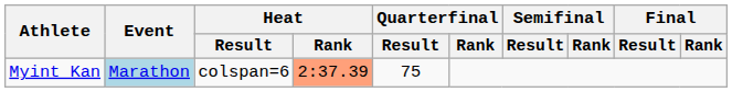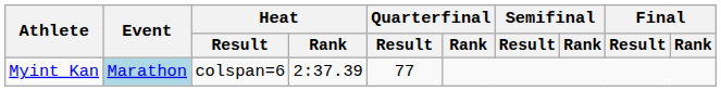 <table class="wikitable" style="font-size:90%">
 <tr>
 <th rowspan="2">Athlete</th>
 <th rowspan="2">Event</th>
 <th colspan="2">Heat</th>
 <th colspan="2">Quarterfinal</th>
 <th colspan="2">Semifinal</th>
 <th colspan="2">Final</th>
 </tr>
 <tr style="font-size:95%">
 <th>Result</th>
 <th>Rank</th>
 <th>Result</th>
 <th>Rank</th>
 <th>Result</th>
 <th>Rank</th>
 <th>Result</th>
 <th>Rank</th>
 </tr>
 <tr align=center>
 <td align=left><a href='#'>Myint Kan</a></td>
 <td align=left style="background: lightblue;"><a href='#'>Marathon</a></td>
 <td>colspan=6 </td>
-<td style="background: lightsalmon;">2:37.39</td>
-<td>75</td>
+<td>2:37.39</td>
+<td>77</td>
 </tr>
 </table>
